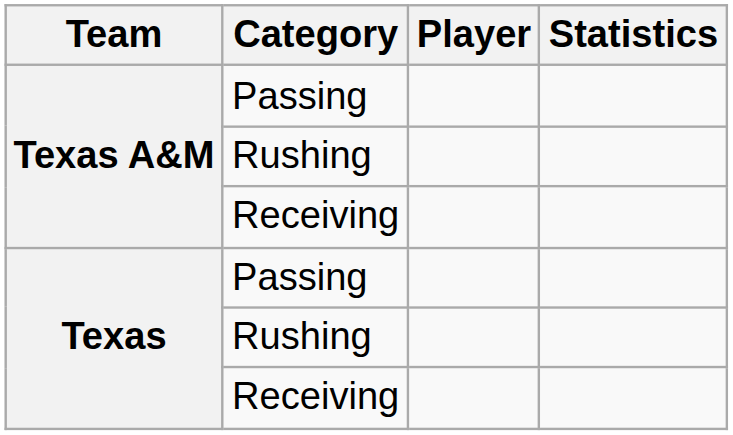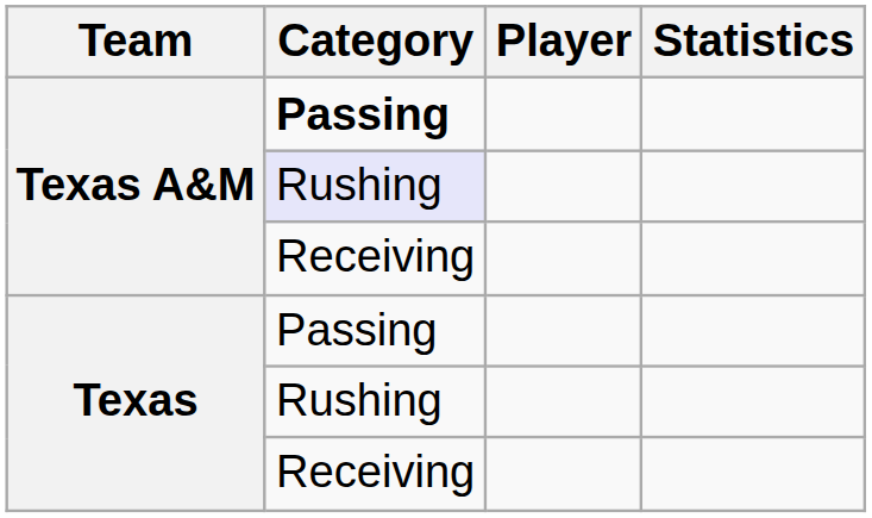 <table class="wikitable" style="float:right">
 <tr>
 <th>Team</th>
 <th>Category</th>
 <th>Player</th>
 <th>Statistics</th>
 </tr>
 <tr>
 <th rowspan=3>Texas A&M</th>
-<td>Passing</td>
+<td><strong>Passing</strong></td>
 <td></td>
 <td></td>
 </tr>
 <tr>
-<td>Rushing</td>
+<td style="background: lavender;">Rushing</td>
 <td></td>
 <td></td>
 </tr>
 <tr>
 <td>Receiving</td>
 <td></td>
 <td></td>
 </tr>
 <tr>
 <th rowspan=3>Texas</th>
 <td>Passing</td>
 <td></td>
 <td></td>
 </tr>
 <tr>
 <td>Rushing</td>
 <td></td>
 <td></td>
 </tr>
 <tr>
 <td>Receiving</td>
 <td></td>
 <td></td>
 </tr>
 </table>
